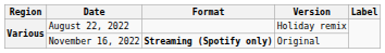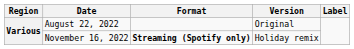 <table class="wikitable plainrowheaders">
 <tr>
 <th scope="col">Region</th>
 <th scope="col">Date</th>
 <th scope="col">Format</th>
 <th scope="col">Version</th>
 <th scope="col">Label</th>
 </tr>
 <tr>
 <th scope="row" rowspan="2">Various</th>
 <td>August 22, 2022</td>
 <td rowspan="1"></td>
-<td>Holiday remix</td>
+<td>Original</td>
 <td rowspan="2"></td>
 </tr>
 <tr>
 <td>November 16, 2022</td>
 <td rowspan="1"><strong>Streaming (Spotify only)</strong></td>
-<td>Original</td>
+<td>Holiday remix</td>
 </tr>
 </table>
